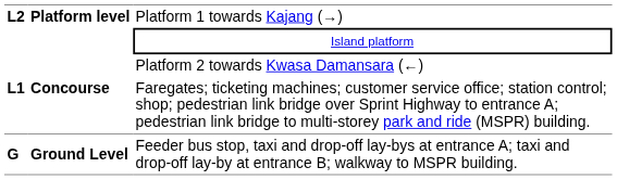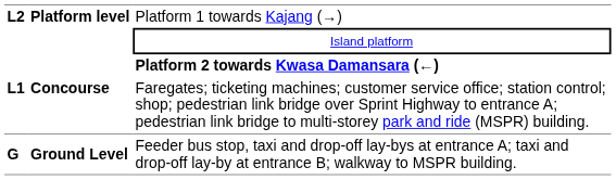 <table table border=0 cellspacing=0 cellpadding=3>
 <tr>
 <td style="border-top:solid 1px gray; vertical-align:top;" rowspan="3"><strong>L2</strong></td>
 <td style="border-top:solid 1px gray; vertical-align:top;" rowspan="3"><strong> Platform level</strong></td>
 <td style="border-top:solid 1px gray;">Platform 1    towards <a href='#'>Kajang</a> (→)</td>
 </tr>
 <tr>
 <td style="border-top:solid 2px black;border-right:solid 2px black;border-left:solid 2px black;border-bottom:solid 2px black;text-align:center;" colspan=2><small><a href='#'>Island platform</a></small></td>
 </tr>
 <tr>
-<td>Platform 2    towards <a href='#'>Kwasa Damansara</a>  (←)</td>
+<td><strong>Platform 2    towards <a href='#'>Kwasa Damansara</a>  (←)</strong></td>
 </tr>
 <tr style="border-top:solid 1px gray; vertical-align:top;" rowspan="3">
 <td style="border-bottom:solid 1px gray; "><strong>L1</strong></td>
 <td style="border-bottom:solid 1px gray; "><strong>Concourse</strong></td>
 <td style="border-bottom:solid 1px gray; " width=500>Faregates; ticketing machines; customer service office; station control; shop; pedestrian link bridge over Sprint Highway to entrance A; pedestrian link bridge to multi-storey <a href='#'>park and ride</a> (MSPR) building.</td>
 </tr>
 <tr>
 <td style="border-bottom:solid 1px gray; "><strong>G</strong></td>
 <td style="border-bottom:solid 1px gray; "><strong>Ground Level</strong></td>
 <td style="border-bottom:solid 1px gray; ">Feeder bus stop, taxi and drop-off lay-bys at entrance A; taxi and drop-off lay-by at entrance B; walkway to MSPR building.</td>
 </tr>
 </table>
